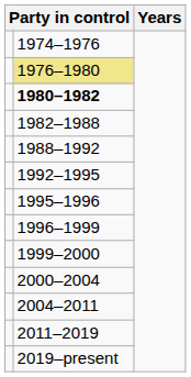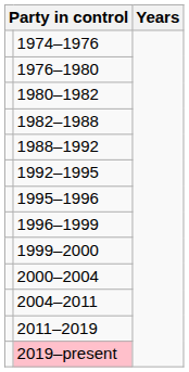 <table class="wikitable">
 <tr>
 <th colspan=2>Party in control</th>
 <th>Years</th>
 </tr>
 <tr>
 <td></td>
 <td>1974–1976</td>
 </tr>
 <tr>
 <td></td>
-<td style="background: khaki;">1976–1980</td>
+<td>1976–1980</td>
 </tr>
 <tr>
 <td></td>
-<td><strong>1980–1982</strong></td>
+<td>1980–1982</td>
 </tr>
 <tr>
 <td></td>
 <td>1982–1988</td>
 </tr>
 <tr>
 <td></td>
 <td>1988–1992</td>
 </tr>
 <tr>
 <td></td>
 <td>1992–1995</td>
 </tr>
 <tr>
 <td></td>
 <td>1995–1996</td>
 </tr>
 <tr>
 <td></td>
 <td>1996–1999</td>
 </tr>
 <tr>
 <td></td>
 <td>1999–2000</td>
 </tr>
 <tr>
 <td></td>
 <td>2000–2004</td>
 </tr>
 <tr>
 <td></td>
 <td>2004–2011</td>
 </tr>
 <tr>
 <td></td>
 <td>2011–2019</td>
 </tr>
 <tr>
 <td></td>
-<td>2019–present</td>
+<td style="background: pink;">2019–present</td>
 </tr>
 </table>
